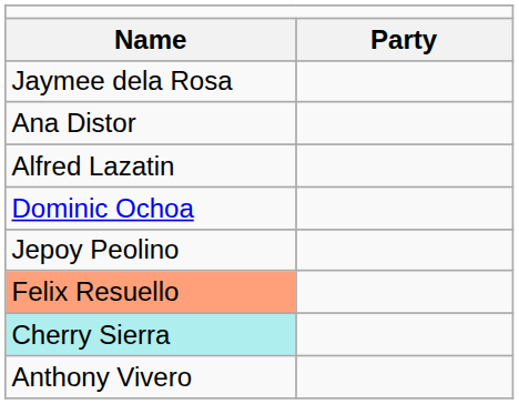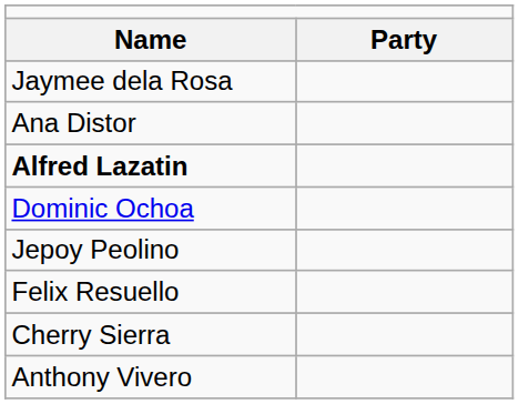 <table class=wikitable style="font-size:90%">
 <tr>
 <td colspan=4 bgcolor=></td>
 </tr>
 <tr>
 <th width=150px>Name</th>
 <th colspan=2 width=110px>Party</th>
 </tr>
 <tr>
 <td>Jaymee dela Rosa</td>
 <td></td>
 </tr>
 <tr>
 <td>Ana Distor</td>
 <td></td>
 </tr>
 <tr>
-<td>Alfred Lazatin</td>
+<td><strong>Alfred Lazatin</strong></td>
 <td></td>
 </tr>
 <tr>
 <td><a href='#'>Dominic Ochoa</a></td>
 <td></td>
 </tr>
 <tr>
 <td>Jepoy Peolino</td>
 <td></td>
 </tr>
 <tr>
-<td style="background: lightsalmon;">Felix Resuello</td>
+<td>Felix Resuello</td>
 <td></td>
 </tr>
 <tr>
-<td style="background: paleturquoise;">Cherry Sierra</td>
+<td>Cherry Sierra</td>
 <td></td>
 </tr>
 <tr>
 <td>Anthony Vivero</td>
 <td></td>
 </tr>
 </table>
